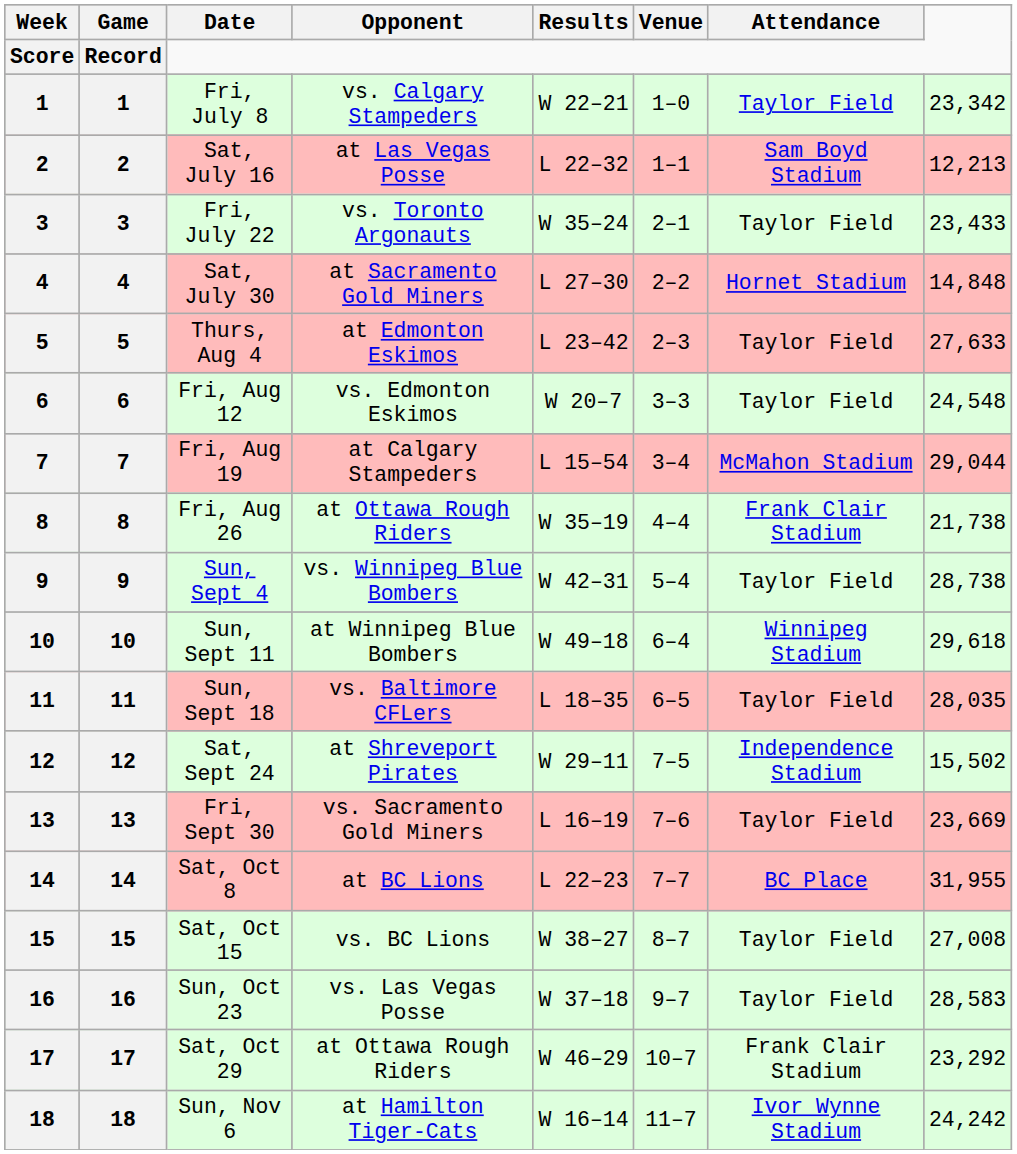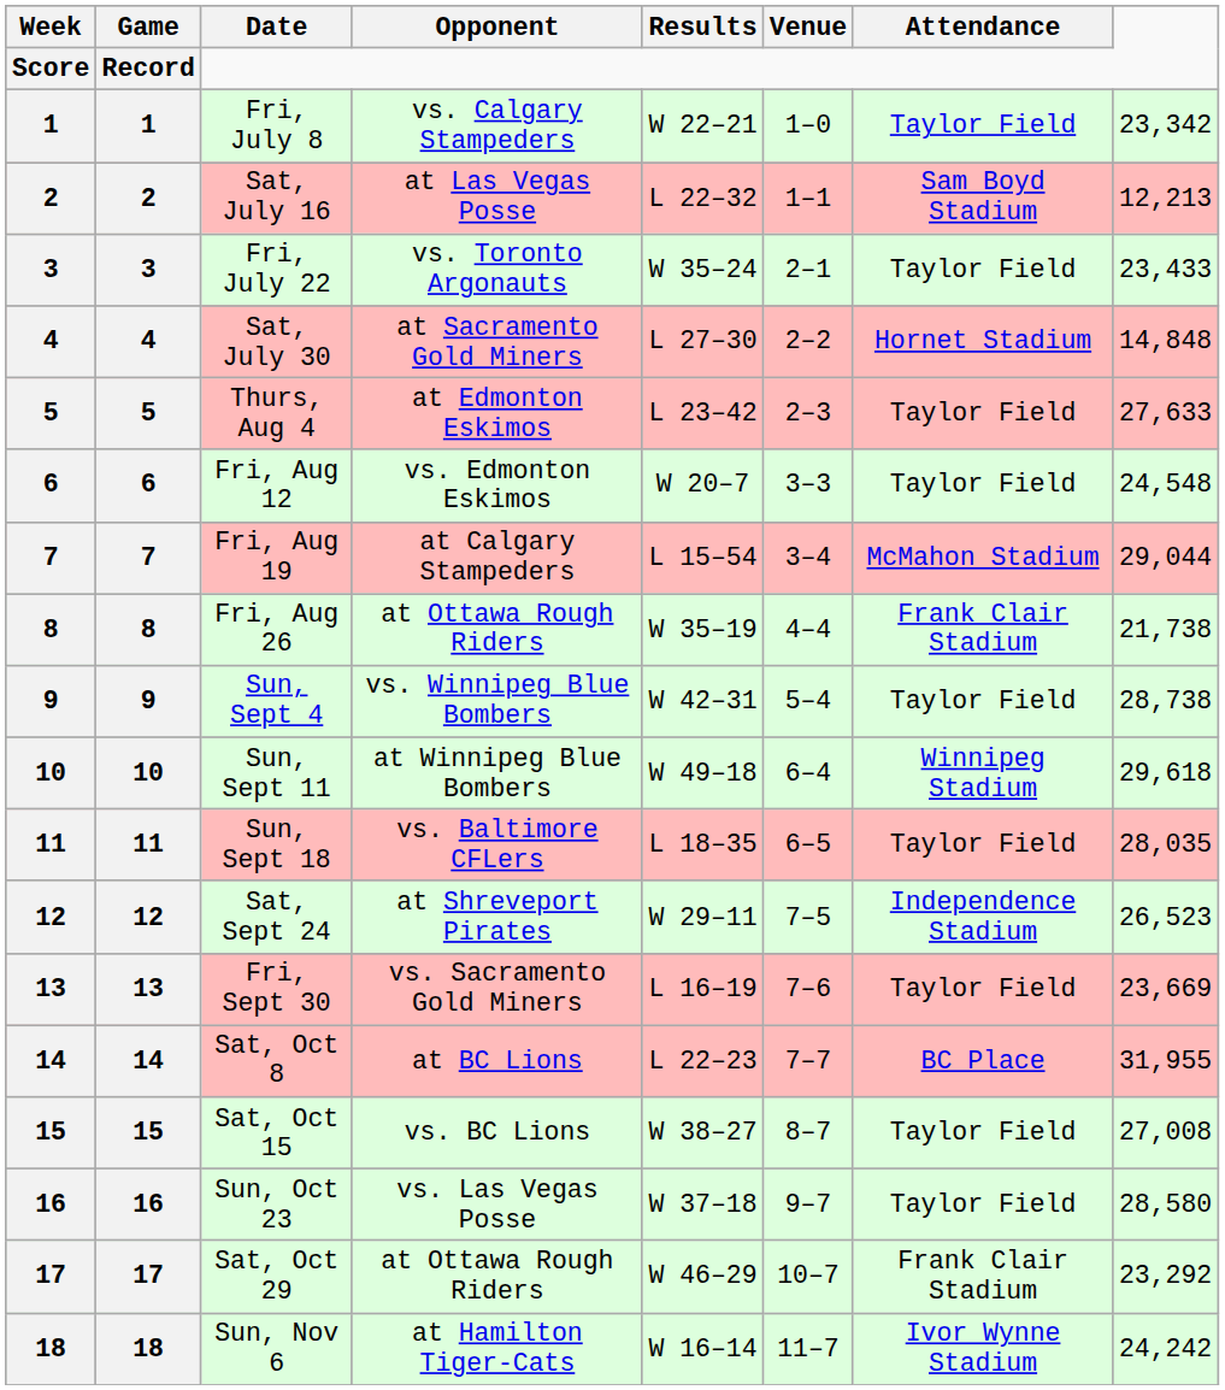 <table class="wikitable" style="text-align:center">
 <tr>
 <th>Week</th>
 <th>Game</th>
 <th>Date</th>
 <th>Opponent</th>
 <th>Results</th>
 <th>Venue</th>
 <th>Attendance</th>
 </tr>
 <tr>
 <th>Score</th>
 <th>Record</th>
 </tr>
 <tr style="background:#ddffdd">
 <th>1</th>
 <th>1</th>
 <td>Fri, July 8</td>
 <td>vs. <a href='#'>Calgary Stampeders</a></td>
 <td>W 22–21</td>
 <td>1–0</td>
 <td><a href='#'>Taylor Field</a></td>
 <td>23,342</td>
 </tr>
 <tr style="background:#ffbbbb">
 <th>2</th>
 <th>2</th>
 <td>Sat, July 16</td>
 <td>at <a href='#'>Las Vegas Posse</a></td>
 <td>L 22–32 </td>
 <td>1–1</td>
 <td><a href='#'>Sam Boyd Stadium</a></td>
 <td>12,213</td>
 </tr>
 <tr style="background:#ddffdd">
 <th>3</th>
 <th>3</th>
 <td>Fri, July 22</td>
 <td>vs. <a href='#'>Toronto Argonauts</a></td>
 <td>W 35–24</td>
 <td>2–1</td>
 <td>Taylor Field</td>
 <td>23,433</td>
 </tr>
 <tr style="background:#ffbbbb">
 <th>4</th>
 <th>4</th>
 <td>Sat, July 30</td>
 <td>at <a href='#'>Sacramento Gold Miners</a></td>
 <td>L 27–30</td>
 <td>2–2</td>
 <td><a href='#'>Hornet Stadium</a></td>
 <td>14,848</td>
 </tr>
 <tr style="background:#ffbbbb">
 <th>5</th>
 <th>5</th>
 <td>Thurs, Aug 4</td>
 <td>at <a href='#'>Edmonton Eskimos</a></td>
 <td>L 23–42</td>
 <td>2–3</td>
 <td>Taylor Field</td>
 <td>27,633</td>
 </tr>
 <tr style="background:#ddffdd">
 <th>6</th>
 <th>6</th>
 <td>Fri, Aug 12</td>
 <td>vs. Edmonton Eskimos</td>
 <td>W 20–7</td>
 <td>3–3</td>
 <td>Taylor Field</td>
 <td>24,548</td>
 </tr>
 <tr style="background:#ffbbbb">
 <th>7</th>
 <th>7</th>
 <td>Fri, Aug 19</td>
 <td>at Calgary Stampeders</td>
 <td>L 15–54</td>
 <td>3–4</td>
 <td><a href='#'>McMahon Stadium</a></td>
 <td>29,044</td>
 </tr>
 <tr style="background:#ddffdd">
 <th>8</th>
 <th>8</th>
 <td>Fri, Aug 26</td>
 <td>at <a href='#'>Ottawa Rough Riders</a></td>
 <td>W 35–19</td>
 <td>4–4</td>
 <td><a href='#'>Frank Clair Stadium</a></td>
 <td>21,738</td>
 </tr>
 <tr style="background:#ddffdd">
 <th>9</th>
 <th>9</th>
 <td><a href='#'>Sun, Sept 4</a></td>
 <td>vs. <a href='#'>Winnipeg Blue Bombers</a></td>
 <td>W 42–31</td>
 <td>5–4</td>
 <td>Taylor Field</td>
 <td>28,738</td>
 </tr>
 <tr style="background:#ddffdd">
 <th>10</th>
 <th>10</th>
 <td>Sun, Sept 11</td>
 <td>at Winnipeg Blue Bombers</td>
 <td>W 49–18</td>
 <td>6–4</td>
 <td><a href='#'>Winnipeg Stadium</a></td>
 <td>29,618</td>
 </tr>
 <tr style="background:#ffbbbb">
 <th>11</th>
 <th>11</th>
 <td>Sun, Sept 18</td>
 <td>vs. <a href='#'>Baltimore CFLers</a></td>
 <td>L 18–35</td>
 <td>6–5</td>
 <td>Taylor Field</td>
 <td>28,035</td>
 </tr>
 <tr align="center" bgcolor="#ddffdd">
 <th>12</th>
 <th>12</th>
 <td>Sat, Sept 24</td>
 <td>at <a href='#'>Shreveport Pirates</a></td>
 <td>W 29–11</td>
 <td>7–5</td>
 <td><a href='#'>Independence Stadium</a></td>
-<td>15,502</td>
+<td>26,523</td>
 </tr>
 <tr style="background:#ffbbbb">
 <th>13</th>
 <th>13</th>
 <td>Fri, Sept 30</td>
 <td>vs. Sacramento Gold Miners</td>
 <td>L 16–19</td>
 <td>7–6</td>
 <td>Taylor Field</td>
 <td>23,669</td>
 </tr>
 <tr style="background:#ffbbbb">
 <th>14</th>
 <th>14</th>
 <td>Sat, Oct 8</td>
 <td>at <a href='#'>BC Lions</a></td>
 <td>L 22–23</td>
 <td>7–7</td>
 <td><a href='#'>BC Place</a></td>
 <td>31,955</td>
 </tr>
 <tr style="background:#ddffdd">
 <th>15</th>
 <th>15</th>
 <td>Sat, Oct 15</td>
 <td>vs. BC Lions</td>
 <td>W 38–27</td>
 <td>8–7</td>
 <td>Taylor Field</td>
 <td>27,008</td>
 </tr>
 <tr style="background:#ddffdd">
 <th>16</th>
 <th>16</th>
 <td>Sun, Oct 23</td>
 <td>vs. Las Vegas Posse</td>
 <td>W 37–18</td>
 <td>9–7</td>
 <td>Taylor Field</td>
-<td>28,583</td>
+<td>28,580</td>
 </tr>
 <tr style="background:#ddffdd">
 <th>17</th>
 <th>17</th>
 <td>Sat, Oct 29</td>
 <td>at Ottawa Rough Riders</td>
 <td>W 46–29</td>
 <td>10–7</td>
 <td>Frank Clair Stadium</td>
 <td>23,292</td>
 </tr>
 <tr style="background:#ddffdd">
 <th>18</th>
 <th>18</th>
 <td>Sun, Nov 6</td>
 <td>at <a href='#'>Hamilton Tiger-Cats</a></td>
 <td>W 16–14</td>
 <td>11–7</td>
 <td><a href='#'>Ivor Wynne Stadium</a></td>
 <td>24,242</td>
 </tr>
 </table>
